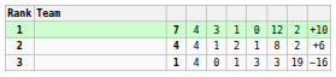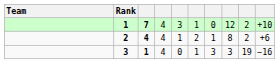 <table class="wikitable" style="text-align: center;">
 <tr>
+<th width=165 style="text-align:left;">Team</th>
 <th width=30>Rank</th>
-<th width=165 style="text-align:left;">Team</th>
 <th width=20></th>
 <th width=20></th>
 <th width=20></th>
 <th width=20></th>
 <th width=20></th>
 <th width=20></th>
 <th width=20></th>
 <th width=20></th>
 </tr>
 <tr style="background:#ccffcc;">
+<td style="text-align:left;"></td>
 <td><strong>1</strong></td>
-<td style="text-align:left;"></td>
 <td><strong>7</strong></td>
 <td>4</td>
 <td>3</td>
 <td>1</td>
 <td>0</td>
 <td>12</td>
 <td>2</td>
 <td>+10</td>
 </tr>
 <tr>
+<td style="text-align:left;"></td>
 <td><strong>2</strong></td>
-<td style="text-align:left;"></td>
 <td><strong>4</strong></td>
 <td>4</td>
 <td>1</td>
 <td>2</td>
 <td>1</td>
 <td>8</td>
 <td>2</td>
 <td>+6</td>
 </tr>
 <tr>
+<td style="text-align:left;"></td>
 <td><strong>3</strong></td>
-<td style="text-align:left;"></td>
 <td><strong>1</strong></td>
 <td>4</td>
 <td>0</td>
 <td>1</td>
 <td>3</td>
 <td>3</td>
 <td>19</td>
 <td>−16</td>
 </tr>
 </table>
